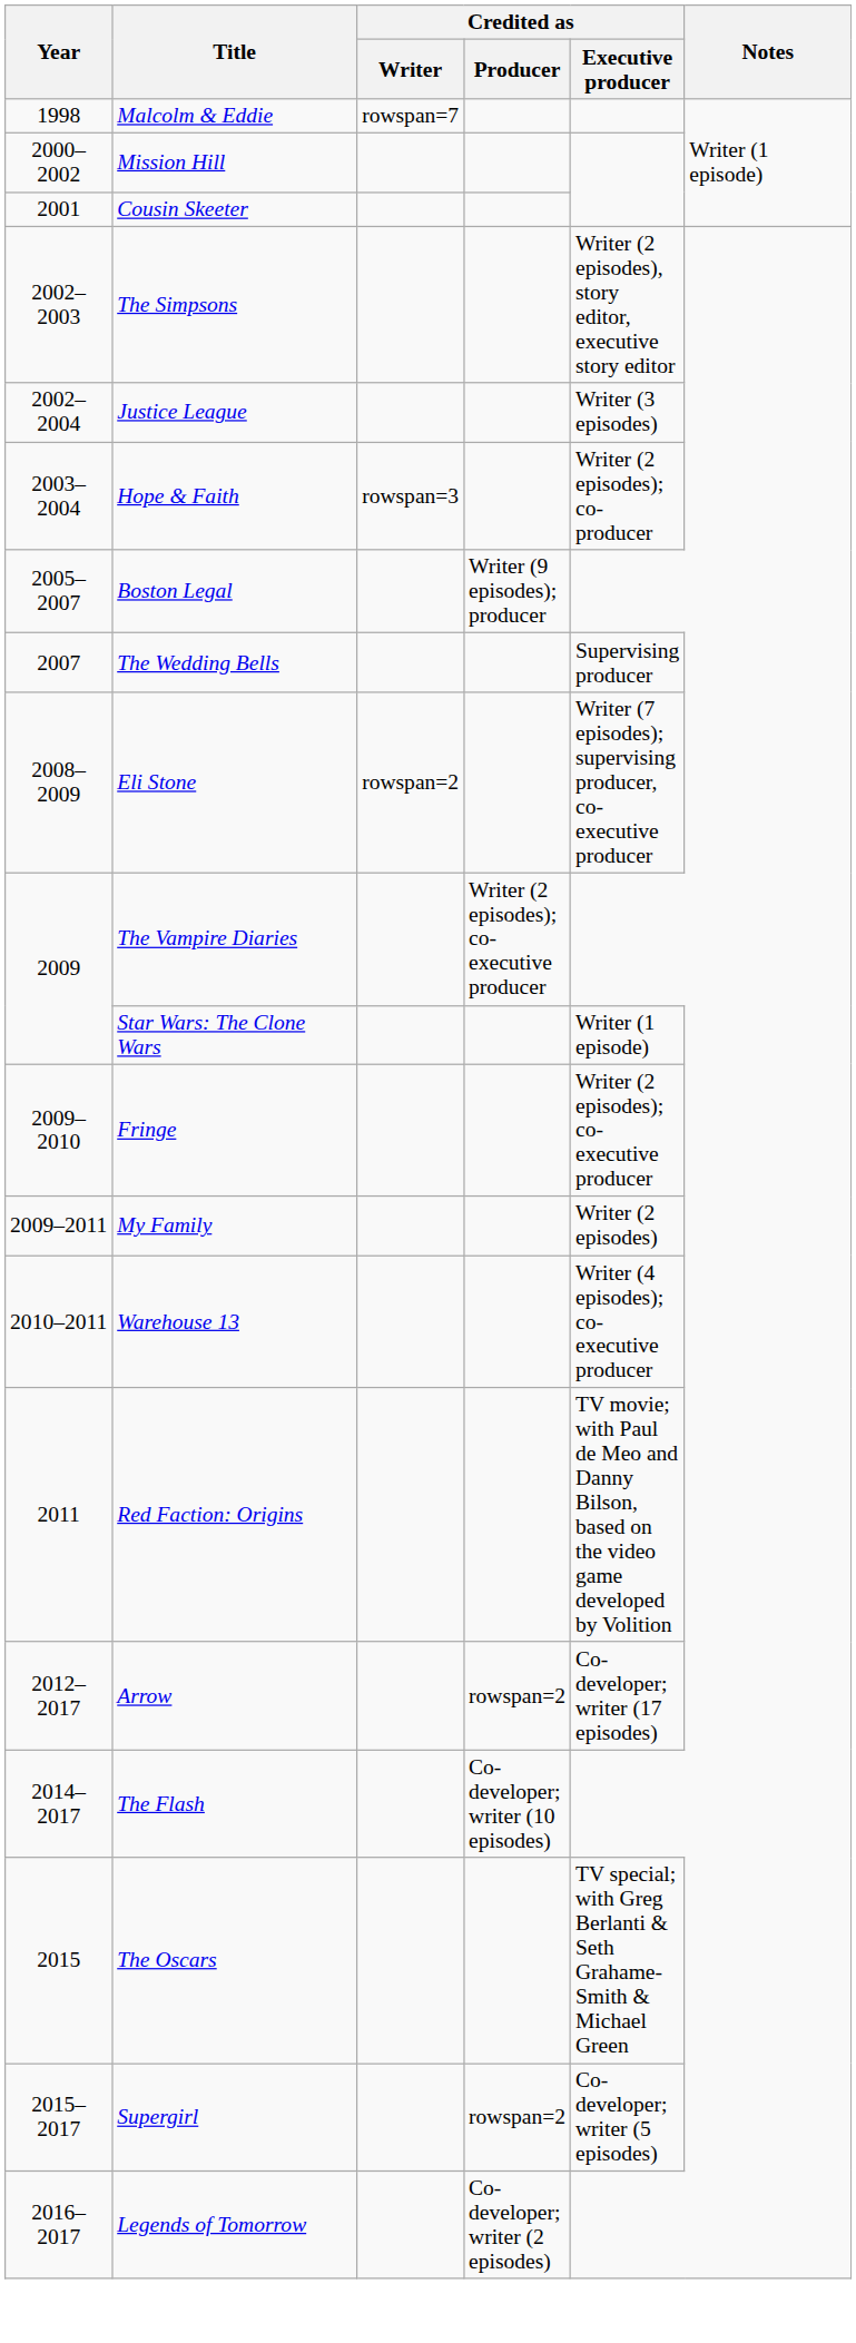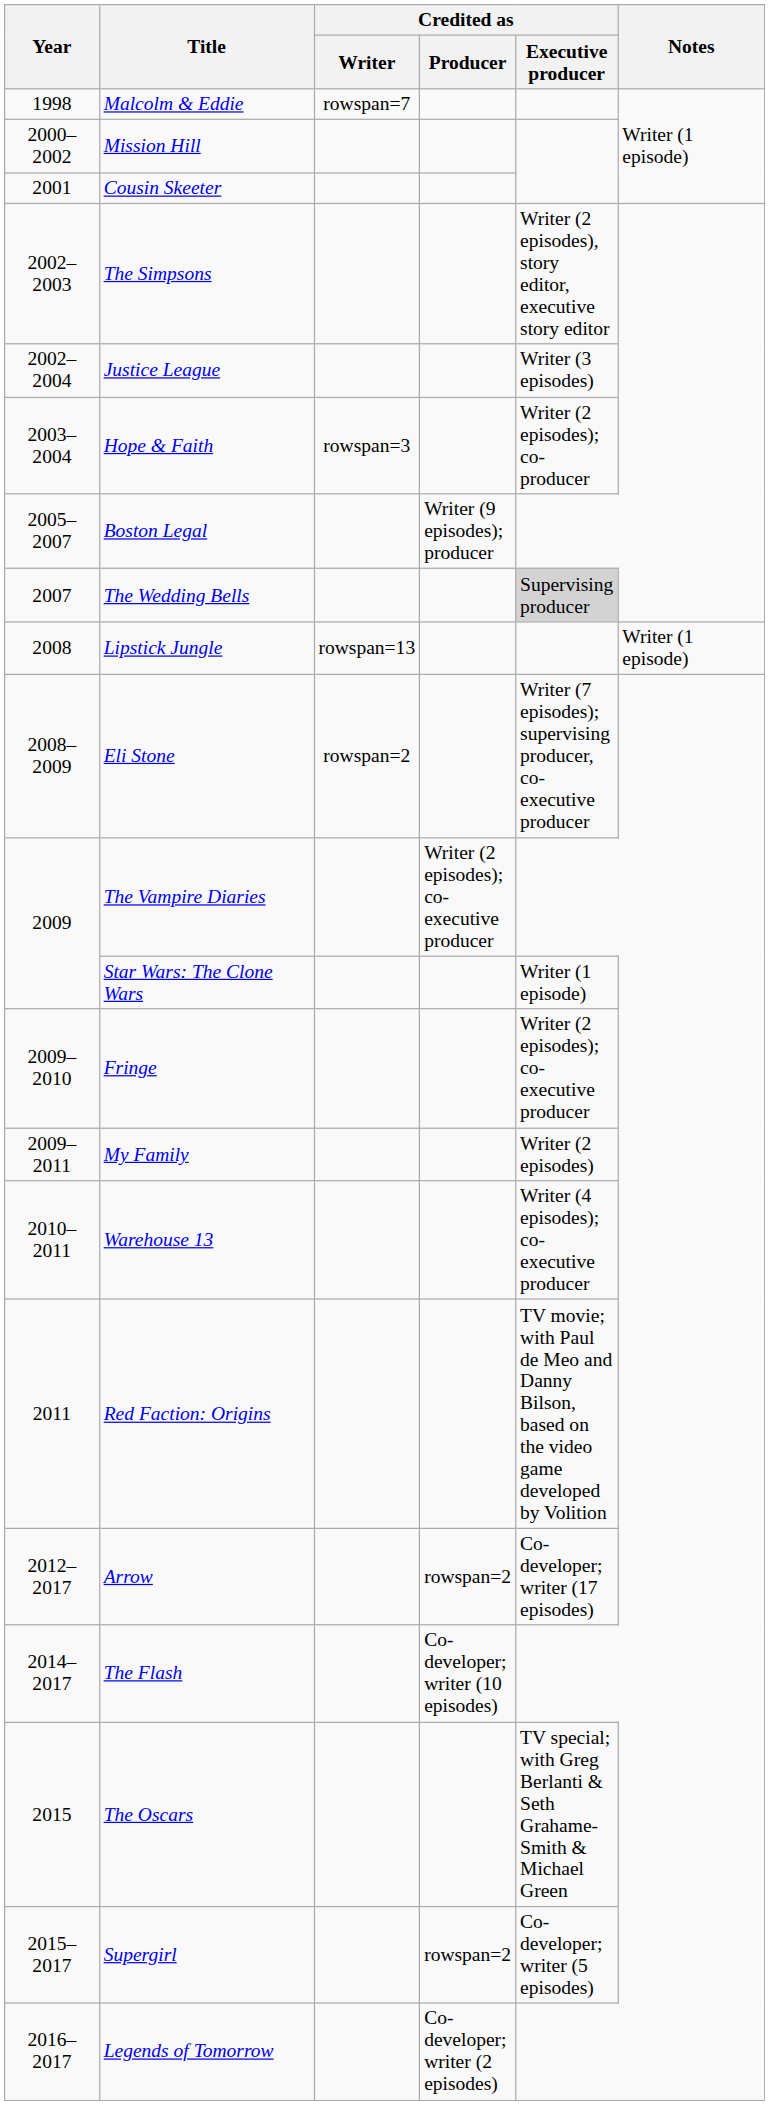 <table class="wikitable" style="text-align:center; margin-right:auto; margin-right:auto">
 <tr>
 <th rowspan=2>Year</th>
 <th rowspan=2>Title</th>
 <th colspan=3>Credited as</th>
 <th rowspan=2>Notes</th>
 </tr>
 <tr>
 <th width=65>Writer</th>
 <th width=65>Producer</th>
 <th width=65>Executive producer</th>
 </tr>
 <tr>
 <td>1998</td>
 <td align=left><em><a href='#'>Malcolm & Eddie</a></em></td>
 <td>rowspan=7 </td>
 <td></td>
 <td></td>
 <td align=left rowspan=3>Writer (1 episode)</td>
 </tr>
 <tr>
 <td>2000–2002</td>
 <td align=left><em><a href='#'>Mission Hill</a></em></td>
 <td></td>
 <td></td>
 </tr>
 <tr>
 <td>2001</td>
 <td align=left><em><a href='#'>Cousin Skeeter</a></em></td>
 <td></td>
 <td></td>
 </tr>
 <tr>
 <td>2002–2003</td>
 <td align=left><em><a href='#'>The Simpsons</a></em></td>
 <td></td>
 <td></td>
 <td align=left>Writer (2 episodes), story editor, executive story editor</td>
 </tr>
 <tr>
 <td>2002–2004</td>
 <td align=left><em><a href='#'>Justice League</a></em></td>
 <td></td>
 <td></td>
 <td align=left>Writer (3 episodes)</td>
 </tr>
 <tr>
 <td>2003–2004</td>
 <td align=left><em><a href='#'>Hope & Faith</a></em></td>
 <td>rowspan=3 </td>
 <td></td>
 <td align=left>Writer (2 episodes); co-producer</td>
 </tr>
 <tr>
 <td>2005–2007</td>
 <td align=left><em><a href='#'>Boston Legal</a></em></td>
 <td></td>
 <td align=left>Writer (9 episodes); producer</td>
 </tr>
 <tr>
 <td>2007</td>
 <td align=left><em><a href='#'>The Wedding Bells</a></em></td>
 <td></td>
 <td></td>
-<td align=left>Supervising producer</td>
+<td align=left style="background: lightgrey;">Supervising producer</td>
+</tr>
+<tr>
+<td>2008</td>
+<td align=left><em><a href='#'>Lipstick Jungle</a></em></td>
+<td>rowspan=13 </td>
+<td></td>
+<td></td>
+<td align=left>Writer (1 episode)</td>
 </tr>
 <tr>
 <td>2008–2009</td>
 <td align=left><em><a href='#'>Eli Stone</a></em></td>
 <td>rowspan=2 </td>
 <td></td>
 <td align=left>Writer (7 episodes); supervising producer, co-executive producer</td>
 </tr>
 <tr>
 <td rowspan=2>2009</td>
 <td align=left><em><a href='#'>The Vampire Diaries</a></em></td>
 <td></td>
 <td align=left>Writer (2 episodes); co-executive producer</td>
 </tr>
 <tr>
 <td align=left><em><a href='#'>Star Wars: The Clone Wars</a></em></td>
 <td></td>
 <td></td>
 <td align=left>Writer (1 episode)</td>
 </tr>
 <tr>
 <td>2009–2010</td>
 <td align=left><em><a href='#'>Fringe</a></em></td>
 <td></td>
 <td></td>
 <td align=left>Writer (2 episodes); co-executive producer</td>
 </tr>
 <tr>
 <td>2009–2011</td>
 <td align=left><em><a href='#'>My Family</a></em></td>
 <td></td>
 <td></td>
 <td align=left>Writer (2 episodes)</td>
 </tr>
 <tr>
 <td>2010–2011</td>
 <td align=left><em><a href='#'>Warehouse 13</a></em></td>
 <td></td>
 <td></td>
 <td align=left>Writer (4 episodes); co-executive producer</td>
 </tr>
 <tr>
 <td>2011</td>
 <td align=left><em><a href='#'>Red Faction: Origins</a></em></td>
 <td></td>
 <td></td>
 <td align=left>TV movie; with Paul de Meo and Danny Bilson, based on the video game developed by Volition</td>
 </tr>
 <tr>
 <td>2012–2017</td>
 <td align=left><em><a href='#'>Arrow</a></em></td>
 <td></td>
 <td>rowspan=2 </td>
 <td align=left>Co-developer; writer (17 episodes)</td>
 </tr>
 <tr>
 <td>2014–2017</td>
 <td align=left><em><a href='#'>The Flash</a></em></td>
 <td></td>
 <td align=left>Co-developer; writer (10 episodes)</td>
 </tr>
 <tr>
 <td>2015</td>
 <td align=left><em><a href='#'>The Oscars</a></em></td>
 <td></td>
 <td></td>
 <td align=left>TV special; with Greg Berlanti & Seth Grahame-Smith & Michael Green</td>
 </tr>
 <tr>
 <td>2015–2017</td>
 <td align=left><em><a href='#'>Supergirl</a></em></td>
 <td></td>
 <td>rowspan=2 </td>
 <td align=left>Co-developer; writer (5 episodes)</td>
 </tr>
 <tr>
 <td>2016–2017</td>
 <td align=left><em><a href='#'>Legends of Tomorrow</a></em></td>
 <td></td>
 <td align=left>Co-developer; writer (2 episodes)</td>
 </tr>
 </table>
